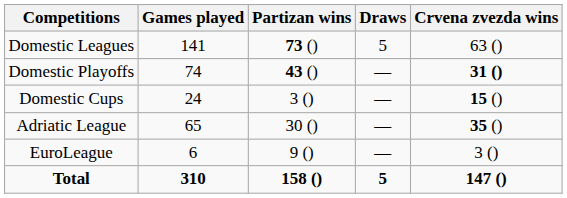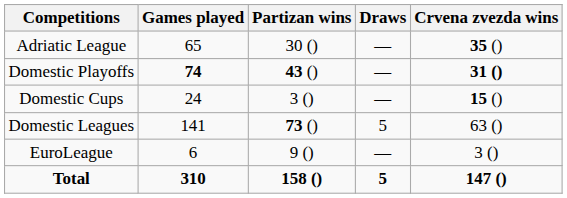 <table class="wikitable sortable" style="text-align:center">
 <tr>
 <th>Competitions</th>
 <th>Games played</th>
 <th>Partizan wins</th>
 <th>Draws</th>
 <th>Crvena zvezda wins</th>
 </tr>
 <tr>
-<td>Domestic Leagues</td>
-<td>141</td>
-<td><strong>73</strong> ()</td>
-<td>5</td>
-<td>63 ()</td>
+<td>Adriatic League</td>
+<td>65</td>
+<td>30 ()</td>
+<td>—</td>
+<td><strong>35</strong> ()</td>
 </tr>
 <tr>
 <td>Domestic Playoffs</td>
-<td>74</td>
+<td><strong>74</strong></td>
 <td><strong>43</strong> ()</td>
 <td>—</td>
 <td><strong>31 ()</strong></td>
 </tr>
 <tr>
 <td>Domestic Cups</td>
 <td>24</td>
 <td>3 ()</td>
 <td>—</td>
 <td><strong>15</strong> ()</td>
 </tr>
 <tr>
-<td>Adriatic League</td>
-<td>65</td>
-<td>30 ()</td>
-<td>—</td>
-<td><strong>35</strong> ()</td>
+<td>Domestic Leagues</td>
+<td>141</td>
+<td><strong>73</strong> ()</td>
+<td>5</td>
+<td>63 ()</td>
 </tr>
 <tr>
 <td>EuroLeague</td>
 <td>6</td>
 <td>9 ()</td>
 <td>—</td>
 <td>3 ()</td>
 </tr>
 <tr>
 <td><strong>Total</strong></td>
 <td><strong>310</strong></td>
 <td><strong>158 ()</strong></td>
 <td><strong>5</strong></td>
 <td><strong>147 ()</strong></td>
 </tr>
 </table>
